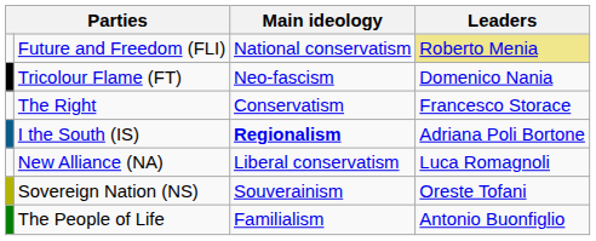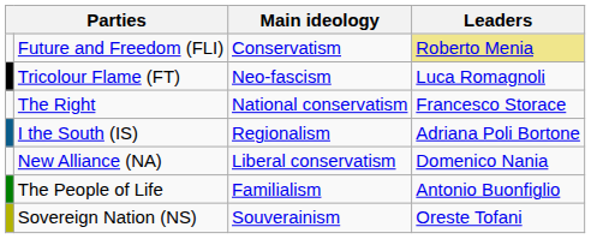 <table class="wikitable" style="font-size:95%">
 <tr>
 <th colspan=2>Parties</th>
 <th>Main ideology</th>
 <th>Leaders</th>
 </tr>
 <tr>
 <td bgcolor=></td>
 <td><a href='#'>Future and Freedom</a> (FLI)</td>
-<td><a href='#'>National conservatism</a></td>
+<td><a href='#'>Conservatism</a></td>
 <td style="background: khaki;"><a href='#'>Roberto Menia</a></td>
 </tr>
 <tr>
 <td bgcolor=black></td>
 <td><a href='#'>Tricolour Flame</a> (FT)</td>
 <td><a href='#'>Neo-fascism</a></td>
-<td><a href='#'>Domenico Nania</a></td>
+<td><a href='#'>Luca Romagnoli</a></td>
 </tr>
 <tr>
 <td></td>
 <td><a href='#'>The Right</a></td>
-<td><a href='#'>Conservatism</a></td>
+<td><a href='#'>National conservatism</a></td>
 <td><a href='#'>Francesco Storace</a></td>
 </tr>
 <tr>
 <td bgcolor="#0A5C8A"></td>
 <td><a href='#'>I the South</a> (IS)</td>
-<td><strong><a href='#'>Regionalism</a></strong></td>
+<td><a href='#'>Regionalism</a></td>
 <td><a href='#'>Adriana Poli Bortone</a></td>
 </tr>
 <tr>
 <td></td>
 <td><a href='#'>New Alliance</a> (NA)</td>
 <td><a href='#'>Liberal conservatism</a></td>
-<td><a href='#'>Luca Romagnoli</a></td>
+<td><a href='#'>Domenico Nania</a></td>
+</tr>
+<tr>
+<td bgcolor="green"></td>
+<td>The People of Life</td>
+<td><a href='#'>Familialism</a></td>
+<td><a href='#'>Antonio Buonfiglio</a></td>
 </tr>
 <tr>
 <td bgcolor="#b3b300"></td>
 <td>Sovereign Nation (NS)</td>
 <td><a href='#'>Souverainism</a></td>
 <td><a href='#'>Oreste Tofani</a></td>
 </tr>
-<tr>
-<td bgcolor="green"></td>
-<td>The People of Life</td>
-<td><a href='#'>Familialism</a></td>
-<td><a href='#'>Antonio Buonfiglio</a></td>
-</tr>
 </table>
